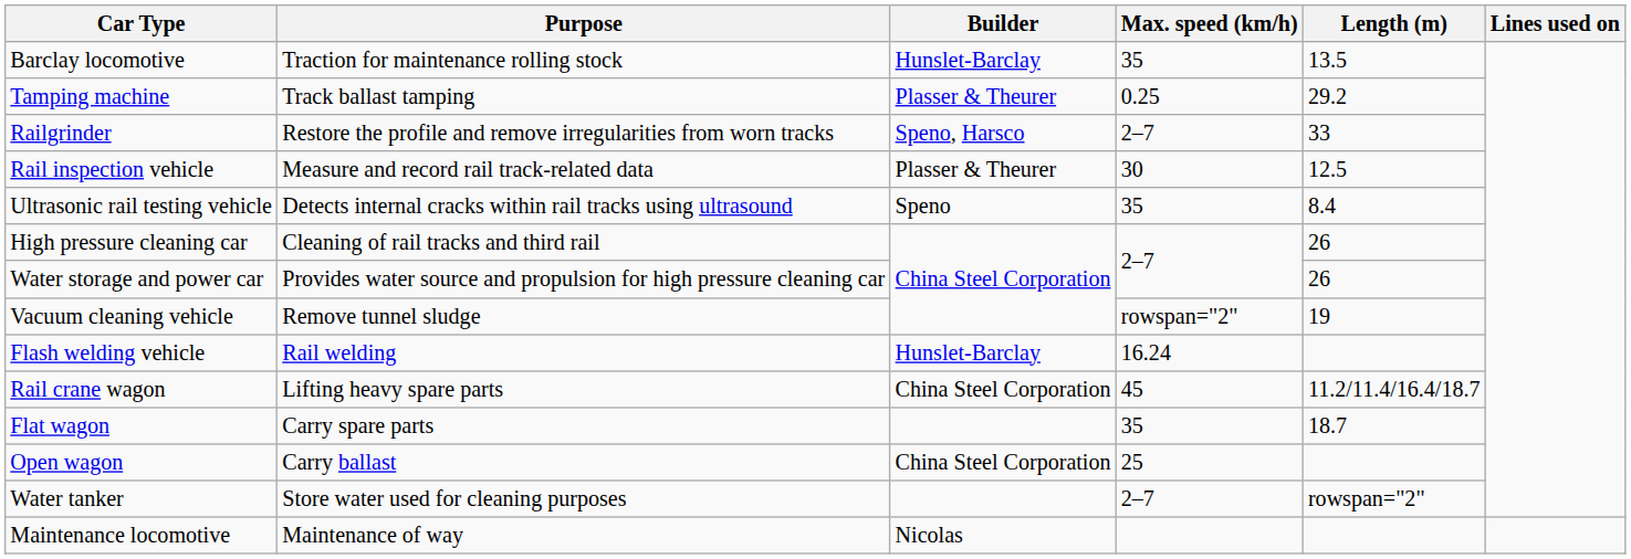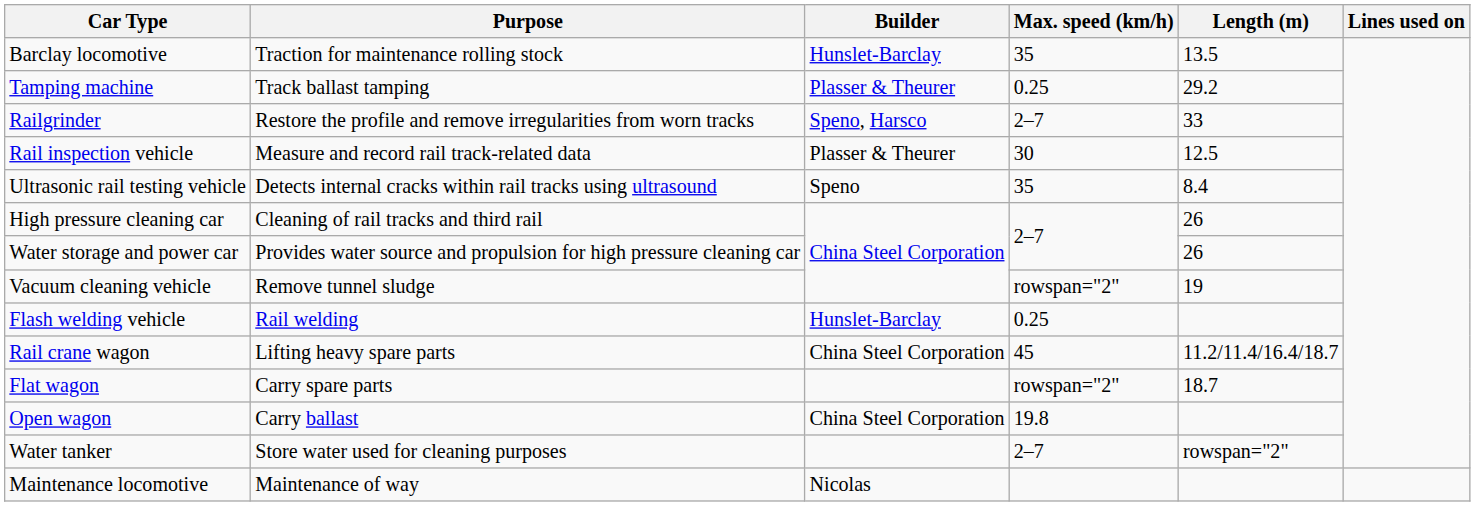 <table class="wikitable sortable" style="font-size: 95%;" |>
 <tr>
 <th>Car Type</th>
 <th>Purpose</th>
 <th>Builder</th>
 <th>Max. speed (km/h)</th>
 <th>Length (m)</th>
 <th>Lines used on</th>
 </tr>
 <tr>
 <td>Barclay locomotive</td>
 <td>Traction for maintenance rolling stock</td>
 <td><a href='#'>Hunslet-Barclay</a></td>
 <td>35</td>
 <td>13.5</td>
 <td rowspan="13"> <br> <br><br></td>
 </tr>
 <tr>
 <td><a href='#'>Tamping machine</a></td>
 <td>Track ballast tamping</td>
 <td><a href='#'>Plasser & Theurer</a></td>
 <td>0.25</td>
 <td>29.2</td>
 </tr>
 <tr>
 <td><a href='#'>Railgrinder</a></td>
 <td>Restore the profile and remove irregularities from worn tracks</td>
 <td><a href='#'>Speno</a>, <a href='#'>Harsco</a></td>
 <td>2–7</td>
 <td>33</td>
 </tr>
 <tr>
 <td><a href='#'>Rail inspection</a> vehicle</td>
 <td>Measure and record rail track-related data</td>
 <td>Plasser & Theurer</td>
 <td>30</td>
 <td>12.5</td>
 </tr>
 <tr>
 <td>Ultrasonic rail testing vehicle</td>
 <td>Detects internal cracks within rail tracks using <a href='#'>ultrasound</a></td>
 <td>Speno</td>
 <td>35</td>
 <td>8.4</td>
 </tr>
 <tr>
 <td>High pressure cleaning car</td>
 <td>Cleaning of rail tracks and third rail</td>
 <td rowspan="3"><a href='#'>China Steel Corporation</a></td>
 <td rowspan="2">2–7</td>
 <td>26</td>
 </tr>
 <tr>
 <td>Water storage and power car</td>
 <td>Provides water source and propulsion for high pressure cleaning car</td>
 <td>26</td>
 </tr>
 <tr>
 <td>Vacuum cleaning vehicle</td>
 <td>Remove tunnel sludge</td>
 <td>rowspan="2" </td>
 <td>19</td>
 </tr>
 <tr>
 <td><a href='#'>Flash welding</a> vehicle</td>
 <td><a href='#'>Rail welding</a></td>
 <td><a href='#'>Hunslet-Barclay</a></td>
-<td>16.24</td>
+<td>0.25</td>
 </tr>
 <tr>
 <td><a href='#'>Rail crane</a> wagon</td>
 <td>Lifting heavy spare parts</td>
 <td>China Steel Corporation</td>
 <td>45</td>
 <td>11.2/11.4/16.4/18.7</td>
 </tr>
 <tr>
 <td><a href='#'>Flat wagon</a></td>
 <td>Carry spare parts</td>
 <td></td>
-<td>35</td>
+<td>rowspan="2" </td>
 <td>18.7</td>
 </tr>
 <tr>
 <td><a href='#'>Open wagon</a></td>
 <td>Carry <a href='#'>ballast</a></td>
 <td>China Steel Corporation</td>
-<td>25</td>
+<td>19.8</td>
 </tr>
 <tr>
 <td>Water tanker</td>
 <td>Store water used for cleaning purposes</td>
 <td></td>
 <td>2–7</td>
 <td>rowspan="2" </td>
 </tr>
 <tr>
 <td>Maintenance locomotive</td>
 <td>Maintenance of way</td>
 <td>Nicolas</td>
 <td></td>
 <td></td>
 </tr>
 </table>
